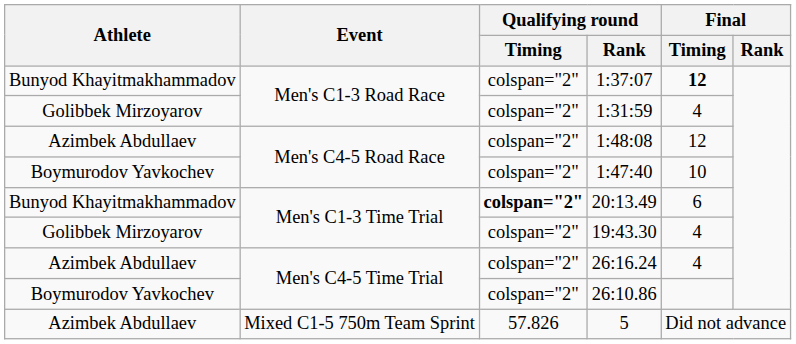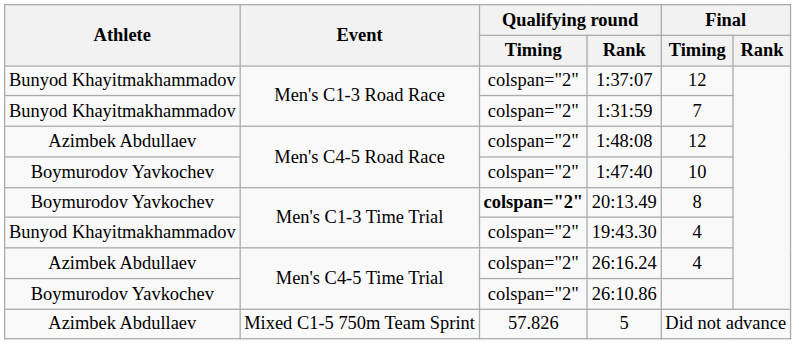 <table class="wikitable" style="text-align:center; font-size:90%">
 <tr>
 <th rowspan="2">Athlete</th>
 <th rowspan="2">Event</th>
 <th colspan="2">Qualifying round</th>
 <th colspan="2">Final</th>
 </tr>
 <tr>
 <th>Timing</th>
 <th>Rank</th>
 <th>Timing</th>
 <th>Rank</th>
 </tr>
 <tr>
 <td align="left">Bunyod Khayitmakhammadov</td>
 <td rowspan="2">Men's C1-3 Road Race</td>
 <td>colspan="2" </td>
 <td>1:37:07</td>
-<td><strong>12</strong></td>
+<td>12</td>
 </tr>
 <tr>
-<td>Golibbek Mirzoyarov</td>
+<td>Bunyod Khayitmakhammadov</td>
 <td>colspan="2" </td>
 <td>1:31:59</td>
-<td>4</td>
+<td>7</td>
 </tr>
 <tr>
 <td>Azimbek Abdullaev</td>
 <td rowspan="2">Men's C4-5 Road Race</td>
 <td>colspan="2" </td>
 <td>1:48:08</td>
 <td>12</td>
 </tr>
 <tr>
 <td>Boymurodov Yavkochev</td>
 <td>colspan="2" </td>
 <td>1:47:40</td>
 <td>10</td>
 </tr>
 <tr>
-<td>Bunyod Khayitmakhammadov</td>
+<td>Boymurodov Yavkochev</td>
 <td rowspan="2">Men's C1-3 Time Trial</td>
 <td><strong>colspan="2" </strong></td>
 <td>20:13.49</td>
-<td>6</td>
+<td>8</td>
 </tr>
 <tr>
-<td>Golibbek Mirzoyarov</td>
+<td align="left">Bunyod Khayitmakhammadov</td>
 <td>colspan="2" </td>
 <td>19:43.30</td>
 <td>4</td>
 </tr>
 <tr>
 <td>Azimbek Abdullaev</td>
 <td rowspan="2">Men's C4-5 Time Trial</td>
 <td>colspan="2" </td>
 <td>26:16.24</td>
 <td>4</td>
 </tr>
 <tr>
 <td>Boymurodov Yavkochev</td>
 <td>colspan="2" </td>
 <td>26:10.86</td>
 <td></td>
 </tr>
 <tr>
 <td>Azimbek Abdullaev</td>
 <td rowspan="2">Mixed C1-5 750m Team Sprint</td>
 <td>57.826</td>
 <td>5</td>
 <td colspan="2">Did not advance</td>
 </tr>
 </table>
